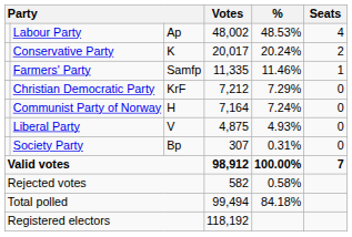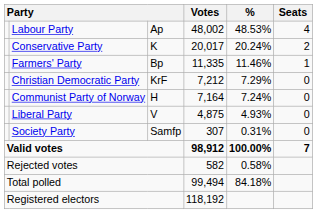 <table class="wikitable" border="1" style="text-align:right;">
 <tr>
 <th style="text-align:left;" colspan=3>Party</th>
 <th align=center width="50">Votes</th>
 <th align=center width="50">%</th>
 <th align=center width="50">Seats</th>
 </tr>
 <tr>
 <td style="color:inherit;background:"></td>
 <td align=left><a href='#'>Labour Party</a></td>
 <td align=left>Ap</td>
 <td>48,002</td>
 <td>48.53%</td>
 <td>4</td>
 </tr>
 <tr>
 <td style="color:inherit;background:"></td>
 <td align=left><a href='#'>Conservative Party</a></td>
 <td align=left>K</td>
 <td>20,017</td>
 <td>20.24%</td>
 <td>2</td>
 </tr>
 <tr>
 <td style="color:inherit;background:"></td>
 <td align=left><a href='#'>Farmers' Party</a></td>
-<td align=left>Samfp</td>
+<td align=left>Bp</td>
 <td>11,335</td>
 <td>11.46%</td>
 <td>1</td>
 </tr>
 <tr>
 <td style="color:inherit;background:"></td>
 <td align=left><a href='#'>Christian Democratic Party</a></td>
 <td align=left>KrF</td>
 <td>7,212</td>
 <td>7.29%</td>
 <td>0</td>
 </tr>
 <tr>
 <td style="color:inherit;background:"></td>
 <td align=left><a href='#'>Communist Party of Norway</a></td>
 <td align=left>H</td>
 <td>7,164</td>
 <td>7.24%</td>
 <td>0</td>
 </tr>
 <tr>
 <td style="color:inherit;background:"></td>
 <td align=left><a href='#'>Liberal Party</a></td>
 <td align=left>V</td>
 <td>4,875</td>
 <td>4.93%</td>
 <td>0</td>
 </tr>
 <tr>
 <td></td>
 <td align=left><a href='#'>Society Party</a></td>
-<td align=left>Bp</td>
+<td align=left>Samfp</td>
 <td>307</td>
 <td>0.31%</td>
 <td>0</td>
 </tr>
 <tr style="font-weight:bold">
 <td align=left colspan=3>Valid votes</td>
 <td>98,912</td>
 <td>100.00%</td>
 <td>7</td>
 </tr>
 <tr>
 <td align=left colspan=3>Rejected votes</td>
 <td>582</td>
 <td>0.58%</td>
 <td></td>
 </tr>
 <tr>
 <td align=left colspan=3>Total polled</td>
 <td>99,494</td>
 <td>84.18%</td>
 <td></td>
 </tr>
 <tr>
 <td align=left colspan=3>Registered electors</td>
 <td>118,192</td>
 <td></td>
 <td></td>
 </tr>
 </table>
